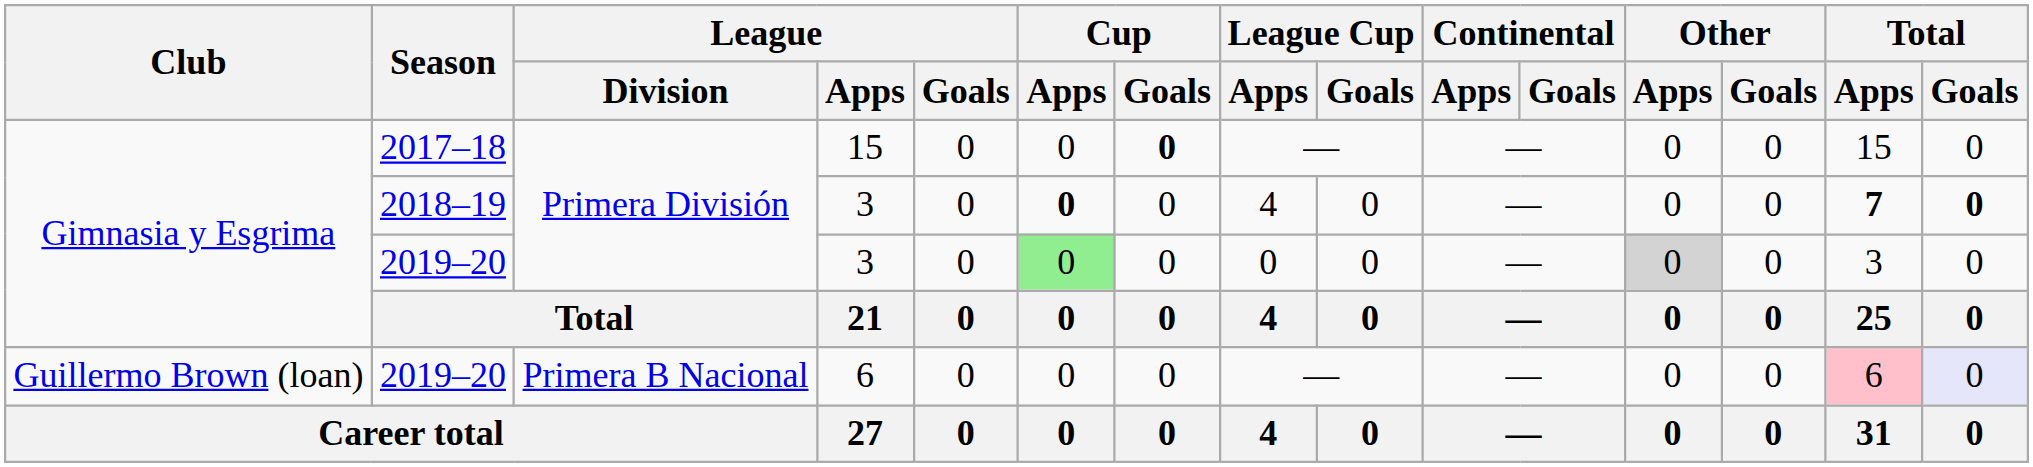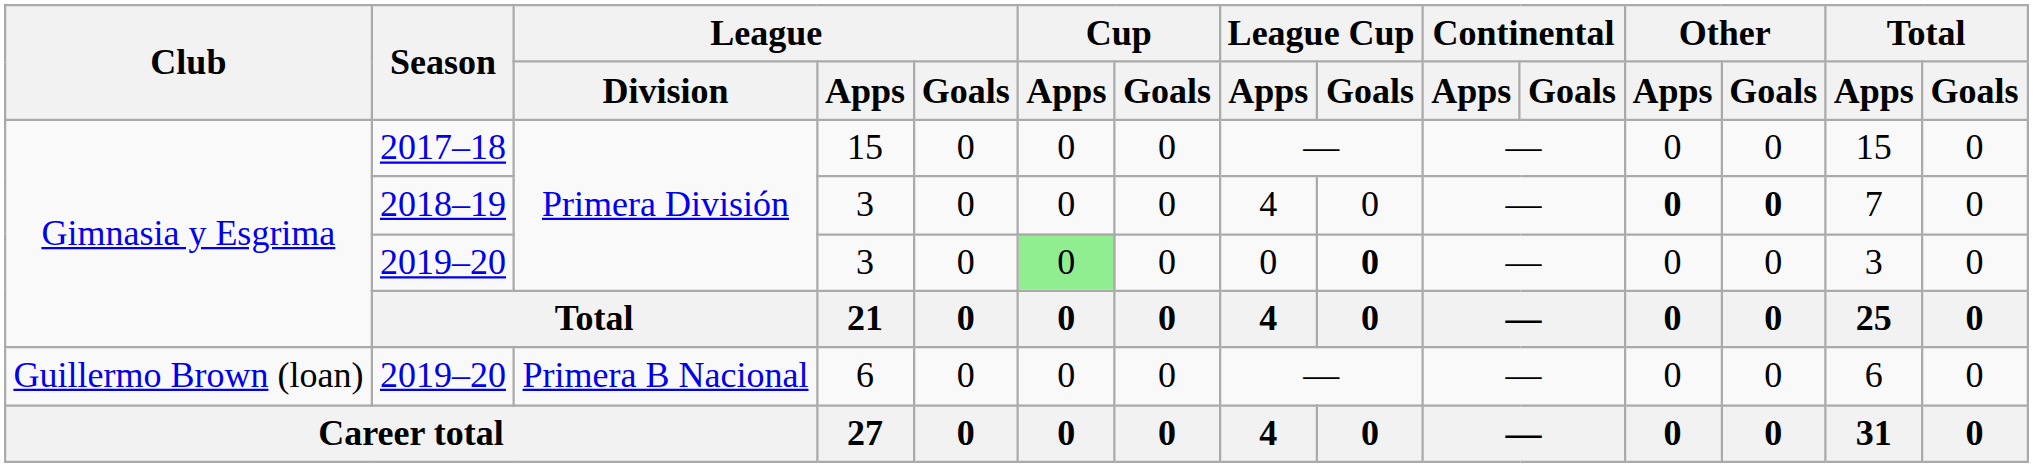 <table class="wikitable" style="text-align:center">
 <tr>
 <th rowspan="2">Club</th>
 <th rowspan="2">Season</th>
 <th colspan="3">League</th>
 <th colspan="2">Cup</th>
 <th colspan="2">League Cup</th>
 <th colspan="2">Continental</th>
 <th colspan="2">Other</th>
 <th colspan="2">Total</th>
 </tr>
 <tr>
 <th>Division</th>
 <th>Apps</th>
 <th>Goals</th>
 <th>Apps</th>
 <th>Goals</th>
 <th>Apps</th>
 <th>Goals</th>
 <th>Apps</th>
 <th>Goals</th>
 <th>Apps</th>
 <th>Goals</th>
 <th>Apps</th>
 <th>Goals</th>
 </tr>
 <tr>
 <td rowspan="4"><a href='#'>Gimnasia y Esgrima</a></td>
 <td><a href='#'>2017–18</a></td>
 <td rowspan="3"><a href='#'>Primera División</a></td>
 <td>15</td>
 <td>0</td>
 <td>0</td>
-<td><strong>0</strong></td>
+<td>0</td>
 <td colspan="2">—</td>
 <td colspan="2">—</td>
 <td>0</td>
 <td>0</td>
 <td>15</td>
 <td>0</td>
 </tr>
 <tr>
 <td><a href='#'>2018–19</a></td>
 <td>3</td>
 <td>0</td>
-<td><strong>0</strong></td>
+<td>0</td>
 <td>0</td>
 <td>4</td>
 <td>0</td>
 <td colspan="2">—</td>
+<td><strong>0</strong></td>
+<td><strong>0</strong></td>
+<td>7</td>
 <td>0</td>
-<td>0</td>
-<td><strong>7</strong></td>
-<td><strong>0</strong></td>
 </tr>
 <tr>
 <td><a href='#'>2019–20</a></td>
 <td>3</td>
 <td>0</td>
 <td style="background: lightgreen;">0</td>
 <td>0</td>
 <td>0</td>
+<td><strong>0</strong></td>
+<td colspan="2">—</td>
 <td>0</td>
-<td colspan="2">—</td>
-<td style="background: lightgrey;">0</td>
 <td>0</td>
 <td>3</td>
 <td>0</td>
 </tr>
 <tr>
 <th colspan="2">Total</th>
 <th>21</th>
 <th>0</th>
 <th>0</th>
 <th>0</th>
 <th>4</th>
 <th>0</th>
 <th colspan="2">—</th>
 <th>0</th>
 <th>0</th>
 <th>25</th>
 <th>0</th>
 </tr>
 <tr>
 <td rowspan="1"><a href='#'>Guillermo Brown</a> (loan)</td>
 <td><a href='#'>2019–20</a></td>
 <td rowspan="1"><a href='#'>Primera B Nacional</a></td>
 <td>6</td>
 <td>0</td>
 <td>0</td>
 <td>0</td>
 <td colspan="2">—</td>
 <td colspan="2">—</td>
 <td>0</td>
 <td>0</td>
-<td style="background: pink;">6</td>
-<td style="background: lavender;">0</td>
+<td>6</td>
+<td>0</td>
 </tr>
 <tr>
 <th colspan="3">Career total</th>
 <th>27</th>
 <th>0</th>
 <th>0</th>
 <th>0</th>
 <th>4</th>
 <th>0</th>
 <th colspan="2">—</th>
 <th>0</th>
 <th>0</th>
 <th>31</th>
 <th>0</th>
 </tr>
 </table>
